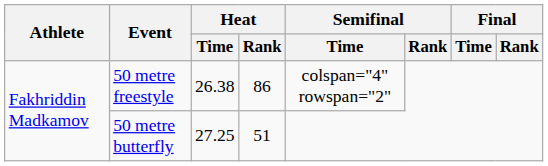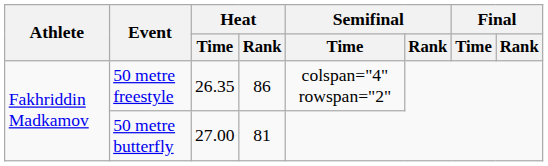 <table class="wikitable" style="text-align:center; font-size:90%; width:50%;">
 <tr>
 <th rowspan="2">Athlete</th>
 <th rowspan="2">Event</th>
 <th colspan="2">Heat</th>
 <th colspan="2">Semifinal</th>
 <th colspan="2">Final</th>
 </tr>
 <tr style="font-size:95%">
 <th>Time</th>
 <th>Rank</th>
 <th>Time</th>
 <th>Rank</th>
 <th>Time</th>
 <th>Rank</th>
 </tr>
 <tr align=center>
 <td align=left rowspan="2"><a href='#'>Fakhriddin Madkamov</a></td>
 <td align=left><a href='#'>50 metre freestyle</a></td>
-<td>26.38</td>
+<td>26.35</td>
 <td>86</td>
 <td>colspan="4" rowspan="2"</td>
 </tr>
 <tr align=center>
 <td align=left><a href='#'>50 metre butterfly</a></td>
-<td>27.25</td>
-<td>51</td>
+<td>27.00</td>
+<td>81</td>
 </tr>
 </table>
